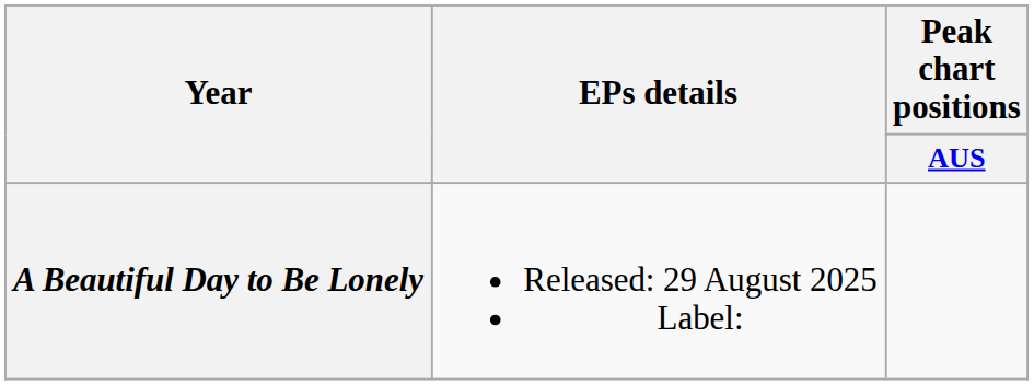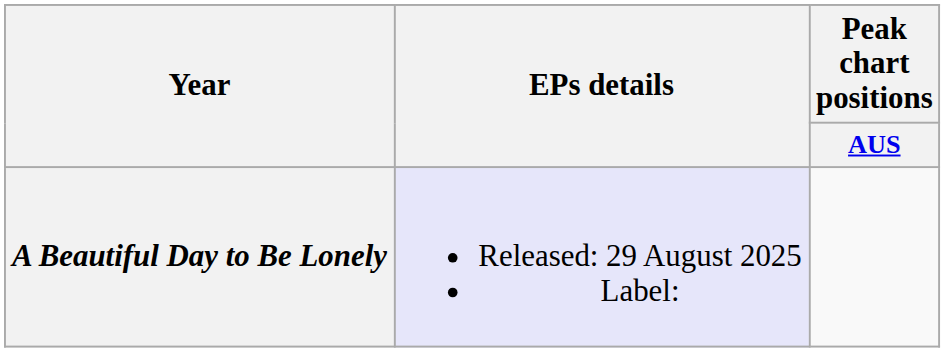 <table class="wikitable plainrowheaders" style="text-align:center;">
 <tr>
 <th scope="col" rowspan="2">Year</th>
 <th scope="col" rowspan="2">EPs details</th>
 <th scope="col" colspan="1">Peak chart positions</th>
 </tr>
 <tr>
 <th style="width:3em;font-size:85%;"><a href='#'>AUS</a><br></th>
 </tr>
 <tr>
 <th scope="row"><em>A Beautiful Day to Be Lonely</em></th>
-<td><br><ul><li>Released: 29 August 2025</li><li>Label:</li></ul></td>
+<td style="background: lavender;"><br><ul><li>Released: 29 August 2025</li><li>Label:</li></ul></td>
 <td></td>
 </tr>
 </table>
